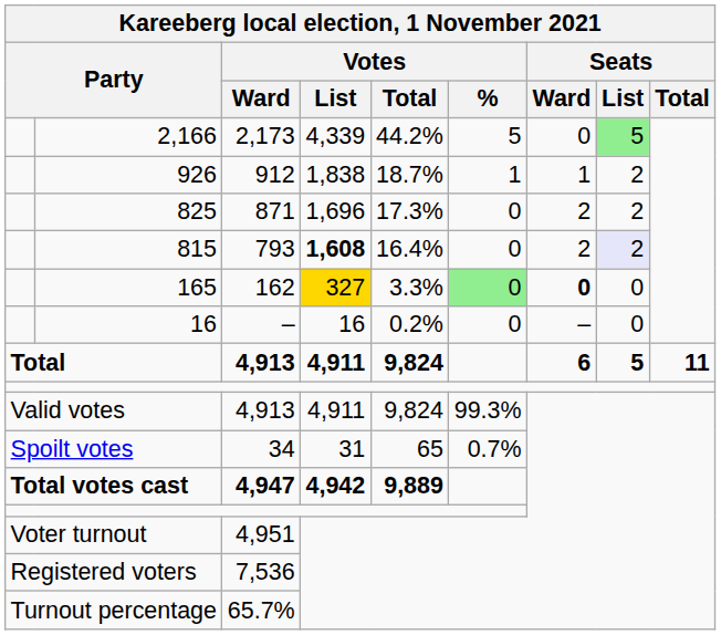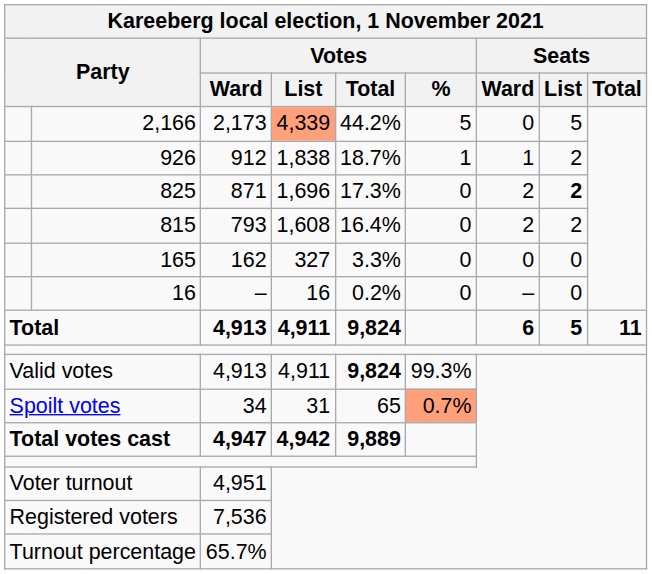 <table class=wikitable style="text-align:right">
 <tr>
 <th colspan="9" align="center">Kareeberg local election, 1 November 2021</th>
 </tr>
 <tr>
 <th rowspan="2" colspan="2">Party</th>
 <th colspan="4" align="center">Votes</th>
 <th colspan="3" align="center">Seats</th>
 </tr>
 <tr>
 <th>Ward</th>
 <th>List</th>
 <th>Total</th>
 <th>%</th>
 <th>Ward</th>
 <th>List</th>
 <th>Total</th>
 </tr>
 <tr>
 <td></td>
 <td>2,166</td>
 <td>2,173</td>
-<td>4,339</td>
+<td style="background: lightsalmon;">4,339</td>
 <td>44.2%</td>
 <td>5</td>
 <td>0</td>
-<td style="background: lightgreen;">5</td>
+<td>5</td>
 </tr>
 <tr>
 <td></td>
 <td>926</td>
 <td>912</td>
 <td>1,838</td>
 <td>18.7%</td>
 <td>1</td>
 <td>1</td>
 <td>2</td>
 </tr>
 <tr>
 <td></td>
 <td>825</td>
 <td>871</td>
 <td>1,696</td>
 <td>17.3%</td>
 <td>0</td>
 <td>2</td>
-<td>2</td>
+<td><strong>2</strong></td>
 </tr>
 <tr>
 <td></td>
 <td>815</td>
 <td>793</td>
-<td><strong>1,608</strong></td>
+<td>1,608</td>
 <td>16.4%</td>
 <td>0</td>
 <td>2</td>
-<td style="background: lavender;">2</td>
+<td>2</td>
 </tr>
 <tr>
 <td></td>
 <td>165</td>
 <td>162</td>
-<td style="background: gold;">327</td>
+<td>327</td>
 <td>3.3%</td>
-<td style="background: lightgreen;">0</td>
-<td><strong>0</strong></td>
+<td>0</td>
+<td>0</td>
 <td>0</td>
 </tr>
 <tr>
 <td></td>
 <td>16</td>
 <td>–</td>
 <td>16</td>
 <td>0.2%</td>
 <td>0</td>
 <td>–</td>
 <td>0</td>
 </tr>
 <tr>
 <td colspan="2" style="text-align:left"><strong>Total</strong></td>
 <td><strong>4,913</strong></td>
 <td><strong>4,911</strong></td>
 <td><strong>9,824</strong></td>
 <td></td>
 <td><strong>6</strong></td>
 <td><strong>5</strong></td>
 <td><strong>11</strong></td>
 </tr>
 <tr>
 <td colspan="9"></td>
 </tr>
 <tr>
 <td colspan="2" style="text-align:left">Valid votes</td>
 <td>4,913</td>
 <td>4,911</td>
-<td>9,824</td>
+<td><strong>9,824</strong></td>
 <td>99.3%</td>
 </tr>
 <tr>
 <td colspan="2" style="text-align:left"><a href='#'>Spoilt votes</a></td>
 <td>34</td>
 <td>31</td>
 <td>65</td>
-<td>0.7%</td>
+<td style="background: lightsalmon;">0.7%</td>
 </tr>
 <tr>
 <td colspan="2" style="text-align:left"><strong>Total votes cast</strong></td>
 <td><strong>4,947</strong></td>
 <td><strong>4,942</strong></td>
 <td><strong>9,889</strong></td>
 <td></td>
 </tr>
 <tr>
 <td colspan="6"></td>
 </tr>
 <tr>
 <td colspan="2" style="text-align:left">Voter turnout</td>
 <td>4,951</td>
 </tr>
 <tr>
 <td colspan="2" style="text-align:left">Registered voters</td>
 <td>7,536</td>
 </tr>
 <tr>
 <td colspan="2" style="text-align:left">Turnout percentage</td>
 <td>65.7%</td>
 </tr>
 </table>
